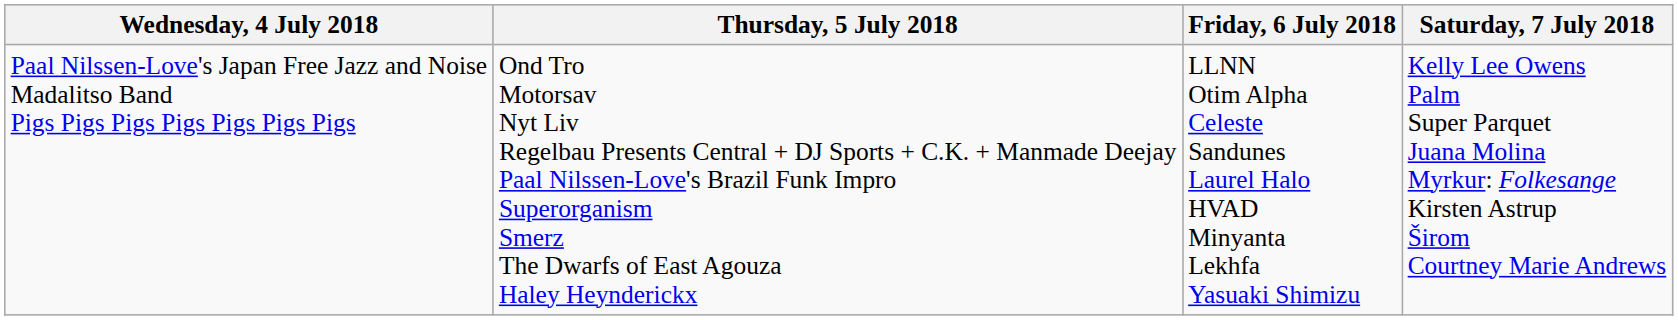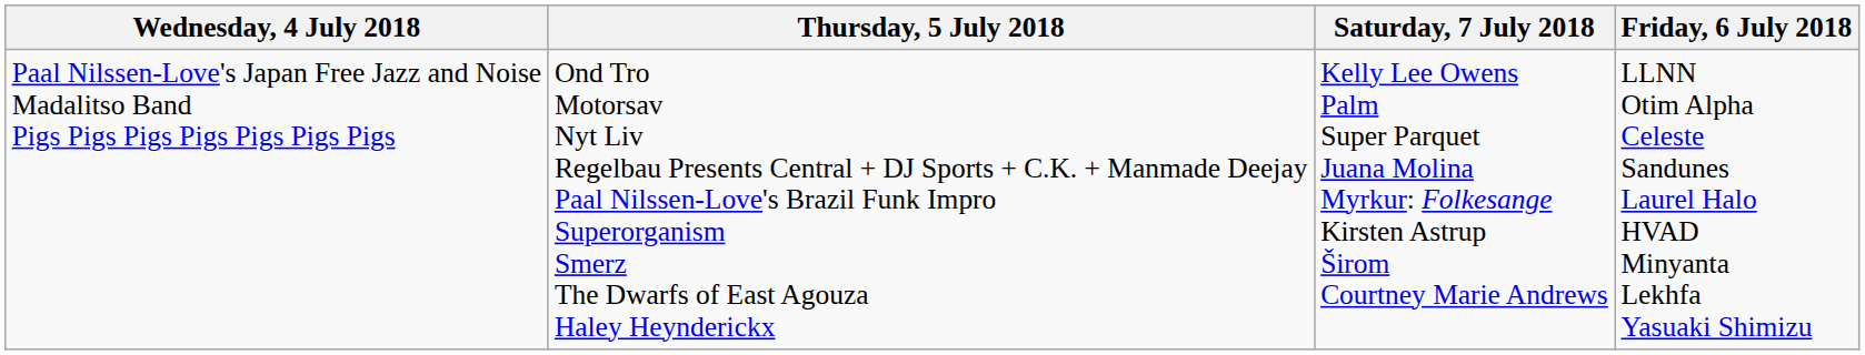 <table class="wikitable">
 <tr>
 <th>Wednesday, 4 July 2018</th>
 <th>Thursday, 5 July 2018</th>
+<th>Saturday, 7 July 2018</th>
 <th>Friday, 6 July 2018</th>
-<th>Saturday, 7 July 2018</th>
 </tr>
 <tr valign="top">
 <td><a href='#'>Paal Nilssen-Love</a>'s Japan Free Jazz and Noise<br>Madalitso Band<br><a href='#'>Pigs Pigs Pigs Pigs Pigs Pigs Pigs</a></td>
 <td>Ond Tro<br>Motorsav<br>Nyt Liv<br>Regelbau Presents Central + DJ Sports + C.K. + Manmade Deejay<br><a href='#'>Paal Nilssen-Love</a>'s Brazil Funk Impro<br><a href='#'>Superorganism</a><br><a href='#'>Smerz</a><br>The Dwarfs of East Agouza<br><a href='#'>Haley Heynderickx</a></td>
+<td><a href='#'>Kelly Lee Owens</a><br><a href='#'>Palm</a><br>Super Parquet<br><a href='#'>Juana Molina</a><br><a href='#'>Myrkur</a>: <em><a href='#'>Folkesange</a></em><br>Kirsten Astrup<br><a href='#'>Širom</a><br><a href='#'>Courtney Marie Andrews</a></td>
 <td>LLNN<br>Otim Alpha<br><a href='#'>Celeste</a><br>Sandunes<br><a href='#'>Laurel Halo</a><br>HVAD<br>Minyanta<br>Lekhfa<br><a href='#'>Yasuaki Shimizu</a></td>
-<td><a href='#'>Kelly Lee Owens</a><br><a href='#'>Palm</a><br>Super Parquet<br><a href='#'>Juana Molina</a><br><a href='#'>Myrkur</a>: <em><a href='#'>Folkesange</a></em><br>Kirsten Astrup<br><a href='#'>Širom</a><br><a href='#'>Courtney Marie Andrews</a></td>
 </tr>
 </table>
